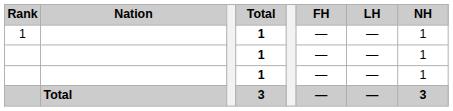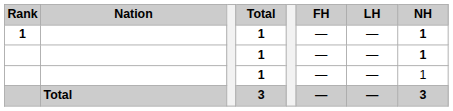 <table class="wikitable plainrowheaders" style="background:#fff; font-size:86%; line-height:16px; border:grey solid 1px; border-collapse:collapse;">
 <tr style="background:#ccc; text-align:center;">
 <th style="background:#ccc;">Rank</th>
 <th style="background:#ccc;">Nation</th>
 <th rowspan="5" width="2"> </th>
 <th width="50" style="background:#ccc;">Total</th>
 <th rowspan="5" width="2"> </th>
 <th width="50" style="background:#ccc;">FH</th>
 <th width="50" style="background:#ccc;">LH</th>
 <th width="50" style="background:#ccc;">NH</th>
 </tr>
 <tr align=center>
-<td align=center>1</td>
+<td align=center><strong>1</strong></td>
 <td align=left width=200></td>
 <td><strong>1</strong></td>
 <td>—</td>
 <td>—</td>
-<td>1</td>
+<td><strong>1</strong></td>
 </tr>
 <tr align=center>
 <td align=center></td>
 <td align=left></td>
 <td><strong>1</strong></td>
 <td>—</td>
 <td>—</td>
-<td>1</td>
+<td><strong>1</strong></td>
 </tr>
 <tr align=center>
 <td align=center></td>
 <td align=left></td>
 <td><strong>1</strong></td>
 <td>—</td>
 <td>—</td>
 <td>1</td>
 </tr>
 <tr bgcolor=#D3D3D3>
 <th style="background:#ccc;"></th>
 <td style="background:#ccc;" align=left><strong>Total</strong></td>
 <th style="background:#ccc;">3</th>
 <th style="background:#ccc;">—</th>
 <th style="background:#ccc;">—</th>
 <th style="background:#ccc;">3</th>
 </tr>
 </table>
